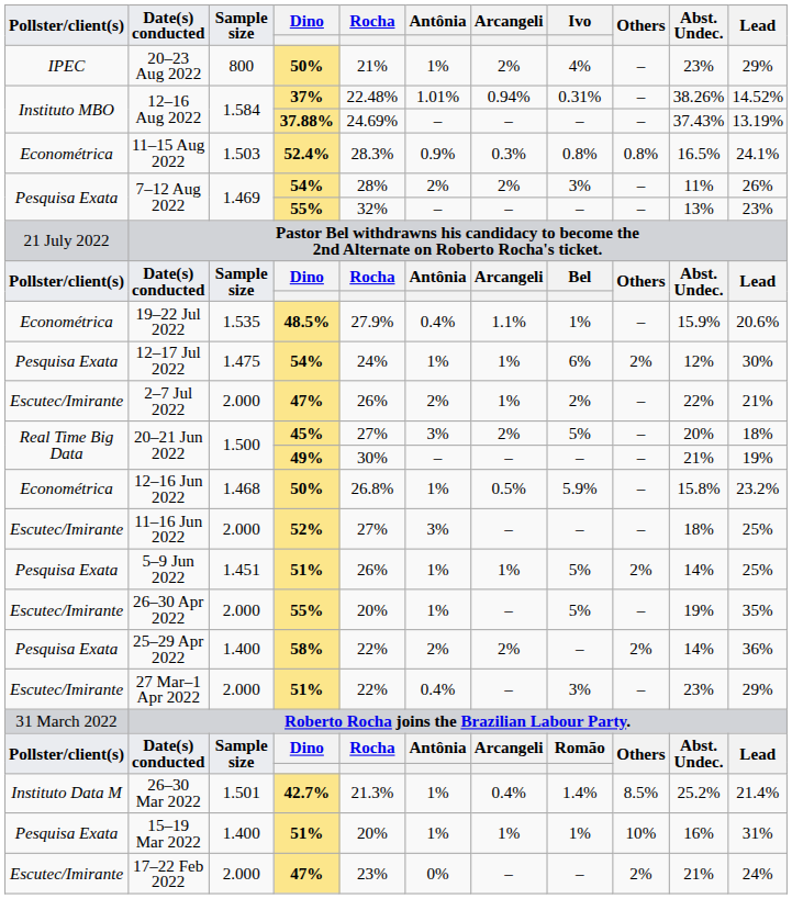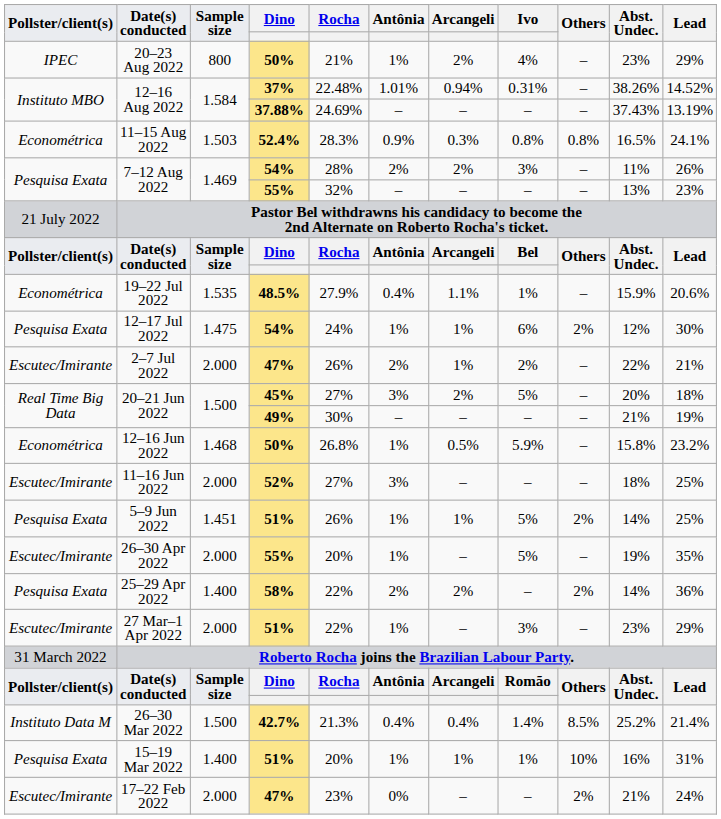 <table class="wikitable sortable" style="text-align:center;font-size:90%;line-height:14px;">
 <tr>
 <td rowspan="2" class="unsortable" style="width:50px;background:#eaecf0;"><strong>Pollster/client(s)</strong></td>
 <td rowspan="2" class="unsortable" style="width:50px;background:#eaecf0;"><strong>Date(s) <br>conducted</strong></td>
 <td rowspan="2" class="unsortable" style="width:50px;background:#eaecf0;"><strong>Sample <br>size</strong></td>
 <th class="unsortable" style="width:50px;"><a href='#'>Dino</a><br></th>
 <th class="unsortable" style="width:50px;"><a href='#'>Rocha</a><br></th>
 <th class="unsortable" style="width:50px;">Antônia<br></th>
 <th class="unsortable" style="width:50px;">Arcangeli<br></th>
 <th class="unsortable" style="width:50px;">Ivo<br></th>
 <th rowspan="2">Others</th>
 <th rowspan="2">Abst.<br>Undec.</th>
 <th rowspan="2" class="unsortable">Lead</th>
 </tr>
 <tr>
 <th style="background:"></th>
 <th style="background:"></th>
 <th style="background:"></th>
 <th style="background:"></th>
 <th style="background:"></th>
 </tr>
 <tr>
 <td><em>IPEC</em></td>
 <td>20–23 Aug 2022</td>
 <td>800</td>
 <td style="background:#fce68b;"><strong>50%</strong></td>
 <td>21%</td>
 <td>1%</td>
 <td>2%</td>
 <td>4%</td>
 <td>–</td>
 <td>23%</td>
 <td style="background:">29%</td>
 </tr>
 <tr>
 <td rowspan="2"><em>Instituto MBO</em></td>
 <td rowspan="2">12–16 Aug 2022</td>
 <td rowspan="2">1.584</td>
 <td style="background:#fce68b;"><strong>37%</strong></td>
 <td>22.48%</td>
 <td>1.01%</td>
 <td>0.94%</td>
 <td>0.31%</td>
 <td>–</td>
 <td>38.26%</td>
 <td style="background:">14.52%</td>
 </tr>
 <tr>
 <td style="background:#fce68b;"><strong>37.88%</strong></td>
 <td>24.69%</td>
 <td>–</td>
 <td>–</td>
 <td>–</td>
 <td>–</td>
 <td>37.43%</td>
 <td style="background:">13.19%</td>
 </tr>
 <tr>
 <td><em>Econométrica</em></td>
 <td>11–15 Aug 2022</td>
 <td>1.503</td>
 <td style="background:#fce68b;"><strong>52.4%</strong></td>
 <td>28.3%</td>
 <td>0.9%</td>
 <td>0.3%</td>
 <td>0.8%</td>
 <td>0.8%</td>
 <td>16.5%</td>
 <td style="background:">24.1%</td>
 </tr>
 <tr>
 <td rowspan="2"><em>Pesquisa Exata</em></td>
 <td rowspan="2">7–12 Aug 2022</td>
 <td rowspan="2">1.469</td>
 <td style="background:#fce68b;"><strong>54%</strong></td>
 <td>28%</td>
 <td>2%</td>
 <td>2%</td>
 <td>3%</td>
 <td>–</td>
 <td>11%</td>
 <td style="background:">26%</td>
 </tr>
 <tr>
 <td style="background:#fce68b;"><strong>55%</strong></td>
 <td>32%</td>
 <td>–</td>
 <td>–</td>
 <td>–</td>
 <td>–</td>
 <td>13%</td>
 <td style="background:">23%</td>
 </tr>
 <tr>
 <td style="background:#d1d3d7;">21 July 2022</td>
 <td colspan="10" style="background:#d1d3d7;"><strong>Pastor Bel withdrawns his candidacy to become the <br>2nd Alternate on Roberto Rocha's ticket.</strong></td>
 </tr>
 <tr>
 <td rowspan="2" class="unsortable" style="width:50px;background:#eaecf0;"><strong>Pollster/client(s)</strong></td>
 <td rowspan="2" class="unsortable" style="width:50px;background:#eaecf0;"><strong>Date(s) <br>conducted</strong></td>
 <td rowspan="2" class="unsortable" style="width:50px;background:#eaecf0;"><strong>Sample <br>size</strong></td>
 <th class="unsortable" style="width:50px;"><a href='#'>Dino</a><br></th>
 <th class="unsortable" style="width:50px;"><a href='#'>Rocha</a><br></th>
 <th class="unsortable" style="width:50px;">Antônia<br></th>
 <th class="unsortable" style="width:50px;">Arcangeli<br></th>
 <th class="unsortable" style="width:50px;">Bel<br></th>
 <th rowspan="2">Others</th>
 <th rowspan="2">Abst.<br>Undec.</th>
 <th rowspan="2" class="unsortable">Lead</th>
 </tr>
 <tr>
 <th style="background:"></th>
 <th style="background:"></th>
 <th style="background:"></th>
 <th style="background:"></th>
 <th style="background:"></th>
 </tr>
 <tr>
 <td><em>Econométrica</em></td>
 <td>19–22 Jul 2022</td>
 <td>1.535</td>
 <td style="background:#fce68b;"><strong>48.5%</strong></td>
 <td>27.9%</td>
 <td>0.4%</td>
 <td>1.1%</td>
 <td>1%</td>
 <td>–</td>
 <td>15.9%</td>
 <td style="background:">20.6%</td>
 </tr>
 <tr>
 <td><em>Pesquisa Exata</em></td>
 <td>12–17 Jul 2022</td>
 <td>1.475</td>
 <td style="background:#fce68b;"><strong>54%</strong></td>
 <td>24%</td>
 <td>1%</td>
 <td>1%</td>
 <td>6%</td>
 <td>2%</td>
 <td>12%</td>
 <td style="background:">30%</td>
 </tr>
 <tr>
 <td><em>Escutec/Imirante</em></td>
 <td>2–7 Jul 2022</td>
 <td>2.000</td>
 <td style="background:#fce68b;"><strong>47%</strong></td>
 <td>26%</td>
 <td>2%</td>
 <td>1%</td>
 <td>2%</td>
 <td>–</td>
 <td>22%</td>
 <td style="background:">21%</td>
 </tr>
 <tr>
 <td rowspan="2"><em>Real Time Big Data</em></td>
 <td rowspan="2">20–21 Jun 2022</td>
 <td rowspan="2">1.500</td>
 <td style="background:#fce68b;"><strong>45%</strong></td>
 <td>27%</td>
 <td>3%</td>
 <td>2%</td>
 <td>5%</td>
 <td>–</td>
 <td>20%</td>
 <td style="background:">18%</td>
 </tr>
 <tr>
 <td style="background:#fce68b;"><strong>49%</strong></td>
 <td>30%</td>
 <td>–</td>
 <td>–</td>
 <td>–</td>
 <td>–</td>
 <td>21%</td>
 <td style="background:">19%</td>
 </tr>
 <tr>
 <td><em>Econométrica</em></td>
 <td>12–16 Jun 2022</td>
 <td>1.468</td>
 <td style="background:#fce68b;"><strong>50%</strong></td>
 <td>26.8%</td>
 <td>1%</td>
 <td>0.5%</td>
 <td>5.9%</td>
 <td>–</td>
 <td>15.8%</td>
 <td style="background:">23.2%</td>
 </tr>
 <tr>
 <td><em>Escutec/Imirante</em></td>
 <td>11–16 Jun 2022</td>
 <td>2.000</td>
 <td style="background:#fce68b;"><strong>52%</strong></td>
 <td>27%</td>
 <td>3%</td>
 <td>–</td>
 <td>–</td>
 <td>–</td>
 <td>18%</td>
 <td style="background:">25%</td>
 </tr>
 <tr>
 <td><em>Pesquisa Exata</em></td>
 <td>5–9 Jun 2022</td>
 <td>1.451</td>
 <td style="background:#fce68b;"><strong>51%</strong></td>
 <td>26%</td>
 <td>1%</td>
 <td>1%</td>
 <td>5%</td>
 <td>2%</td>
 <td>14%</td>
 <td style="background:">25%</td>
 </tr>
 <tr>
 <td><em>Escutec/Imirante</em></td>
 <td>26–30 Apr 2022</td>
 <td>2.000</td>
 <td style="background:#fce68b;"><strong>55%</strong></td>
 <td>20%</td>
 <td>1%</td>
 <td>–</td>
 <td>5%</td>
 <td>–</td>
 <td>19%</td>
 <td style="background:">35%</td>
 </tr>
 <tr>
 <td><em>Pesquisa Exata</em></td>
 <td>25–29 Apr 2022</td>
 <td>1.400</td>
 <td style="background:#fce68b;"><strong>58%</strong></td>
 <td>22%</td>
 <td>2%</td>
 <td>2%</td>
 <td>–</td>
 <td>2%</td>
 <td>14%</td>
 <td style="background:">36%</td>
 </tr>
 <tr>
 <td><em>Escutec/Imirante</em></td>
 <td>27 Mar–1 Apr 2022</td>
 <td>2.000</td>
 <td style="background:#fce68b;"><strong>51%</strong></td>
 <td>22%</td>
-<td>0.4%</td>
+<td>1%</td>
 <td>–</td>
 <td>3%</td>
 <td>–</td>
 <td>23%</td>
 <td style="background:">29%</td>
 </tr>
 <tr>
 <td style="background:#d1d3d7;">31 March 2022</td>
 <td colspan="10" style="background:#d1d3d7;"><strong><a href='#'>Roberto Rocha</a> joins the <a href='#'>Brazilian Labour Party</a>.</strong></td>
 </tr>
 <tr>
 <td rowspan="2" class="unsortable" style="width:50px;background:#eaecf0;"><strong>Pollster/client(s)</strong></td>
 <td rowspan="2" class="unsortable" style="width:50px;background:#eaecf0;"><strong>Date(s) <br>conducted</strong></td>
 <td rowspan="2" class="unsortable" style="width:50px;background:#eaecf0;"><strong>Sample <br>size</strong></td>
 <th class="unsortable" style="width:50px;"><a href='#'>Dino</a><br></th>
 <th class="unsortable" style="width:50px;"><a href='#'>Rocha</a><br></th>
 <th class="unsortable" style="width:50px;">Antônia<br></th>
 <th class="unsortable" style="width:50px;">Arcangeli<br></th>
 <th class="unsortable" style="width:50px;">Romão<br></th>
 <th rowspan="2">Others</th>
 <th rowspan="2">Abst.<br>Undec.</th>
 <th rowspan="2">Lead</th>
 </tr>
 <tr>
 <th style="background:"></th>
 <th style="background:"></th>
 <th style="background:"></th>
 <th style="background:"></th>
 <th style="background:"></th>
 </tr>
 <tr>
 <td><em>Instituto Data M</em></td>
 <td>26–30 Mar 2022</td>
-<td>1.501</td>
+<td>1.500</td>
 <td style="background:#fce68b;"><strong>42.7%</strong></td>
 <td>21.3%</td>
-<td>1%</td>
+<td>0.4%</td>
 <td>0.4%</td>
 <td>1.4%</td>
 <td>8.5%</td>
 <td>25.2%</td>
 <td style="background:">21.4%</td>
 </tr>
 <tr>
 <td><em>Pesquisa Exata</em></td>
 <td>15–19 Mar 2022</td>
 <td>1.400</td>
 <td style="background:#fce68b;"><strong>51%</strong></td>
 <td>20%</td>
 <td>1%</td>
 <td>1%</td>
 <td>1%</td>
 <td>10%</td>
 <td>16%</td>
 <td style="background:">31%</td>
 </tr>
 <tr>
 <td><em>Escutec/Imirante</em></td>
 <td>17–22 Feb 2022</td>
 <td>2.000</td>
 <td style="background:#fce68b;"><strong>47%</strong></td>
 <td>23%</td>
 <td>0%</td>
 <td>–</td>
 <td>–</td>
 <td>2%</td>
 <td>21%</td>
 <td style="background:">24%</td>
 </tr>
 </table>
